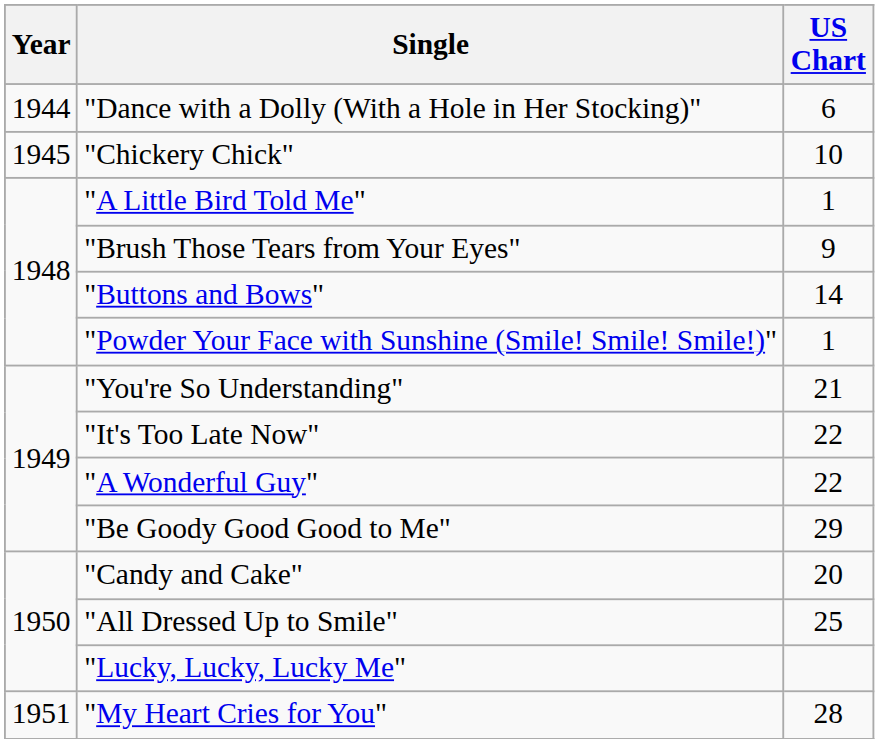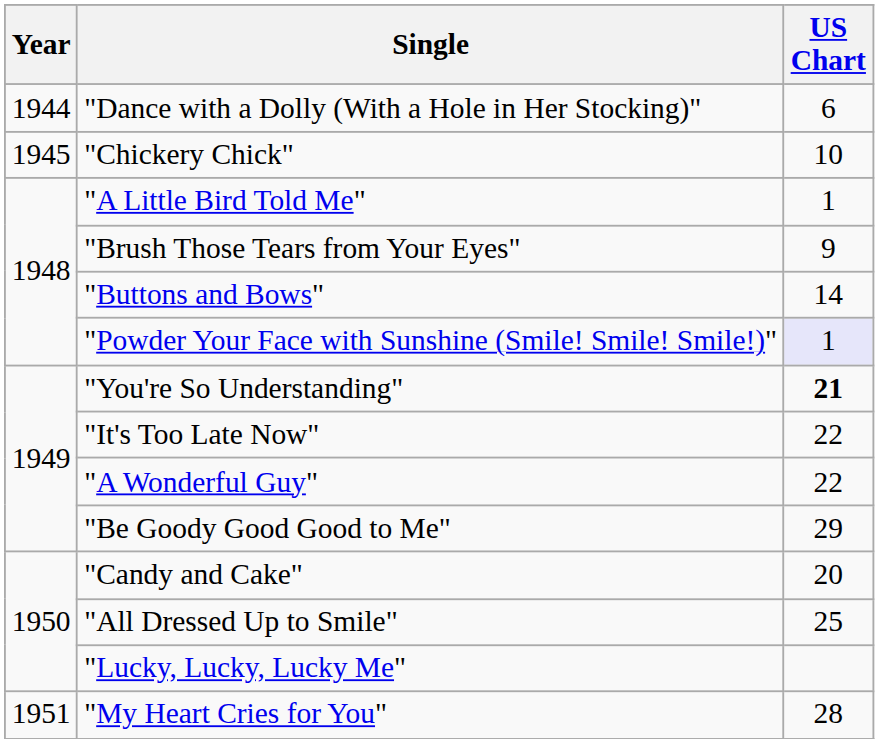 <table class="wikitable">
 <tr>
 <th>Year</th>
 <th>Single</th>
 <th><a href='#'>US<br>Chart</a></th>
 </tr>
 <tr>
 <td>1944</td>
 <td>"Dance with a Dolly (With a Hole in Her Stocking)"</td>
 <td align="center">6</td>
 </tr>
 <tr>
 <td>1945</td>
 <td>"Chickery Chick"</td>
 <td align="center">10</td>
 </tr>
 <tr>
 <td rowspan="4">1948</td>
 <td>"<a href='#'>A Little Bird Told Me</a>"</td>
 <td align="center">1</td>
 </tr>
 <tr>
 <td>"Brush Those Tears from Your Eyes"</td>
 <td align="center">9</td>
 </tr>
 <tr>
 <td>"<a href='#'>Buttons and Bows</a>"</td>
 <td align="center">14</td>
 </tr>
 <tr>
 <td>"<a href='#'>Powder Your Face with Sunshine (Smile! Smile! Smile!)</a>"</td>
-<td align="center">1</td>
+<td align="center" style="background: lavender;">1</td>
 </tr>
 <tr>
 <td rowspan="4">1949</td>
 <td>"You're So Understanding"</td>
-<td align="center">21</td>
+<td align="center"><strong>21</strong></td>
 </tr>
 <tr>
 <td>"It's Too Late Now"</td>
 <td align="center">22</td>
 </tr>
 <tr>
 <td>"<a href='#'>A Wonderful Guy</a>"</td>
 <td align="center">22</td>
 </tr>
 <tr>
 <td>"Be Goody Good Good to Me"</td>
 <td align="center">29</td>
 </tr>
 <tr>
 <td rowspan="3">1950</td>
 <td>"Candy and Cake"</td>
 <td align="center">20</td>
 </tr>
 <tr>
 <td>"All Dressed Up to Smile"</td>
 <td align="center">25</td>
 </tr>
 <tr>
 <td>"<a href='#'>Lucky, Lucky, Lucky Me</a>"</td>
 </tr>
 <tr>
 <td>1951</td>
 <td>"<a href='#'>My Heart Cries for You</a>"</td>
 <td align="center">28</td>
 </tr>
 <tr>
 </tr>
 </table>
